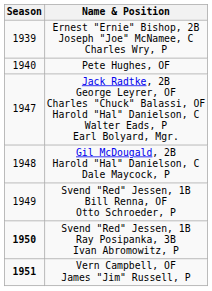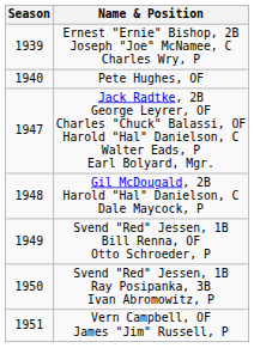 <table class="wikitable" style="text-align:center; font-size: 95%;">
 <tr>
 <th>Season</th>
 <th>Name & Position</th>
 </tr>
 <tr>
 <td>1939</td>
 <td>Ernest "Ernie" Bishop, 2B<br>Joseph "Joe" McNamee, C<br>Charles Wry, P</td>
 </tr>
 <tr>
 <td>1940</td>
 <td>Pete Hughes, OF</td>
 </tr>
 <tr>
 <td>1947</td>
 <td><a href='#'>Jack Radtke</a>, 2B<br>George Leyrer, OF<br>Charles "Chuck" Balassi, OF<br>Harold "Hal" Danielson, C<br>Walter Eads, P<br>Earl Bolyard, Mgr.</td>
 </tr>
 <tr>
 <td>1948</td>
 <td><a href='#'>Gil McDougald</a>, 2B<br>Harold "Hal" Danielson, C<br>Dale Maycock, P</td>
 </tr>
 <tr>
 <td>1949</td>
 <td>Svend "Red" Jessen, 1B<br>Bill Renna, OF<br>Otto Schroeder, P</td>
 </tr>
 <tr>
-<td><strong>1950</strong></td>
+<td>1950</td>
 <td>Svend "Red" Jessen, 1B<br>Ray Posipanka, 3B<br>Ivan Abromowitz, P</td>
 </tr>
 <tr>
-<td><strong>1951</strong></td>
+<td>1951</td>
 <td>Vern Campbell, OF<br>James "Jim" Russell, P</td>
 </tr>
 </table>
